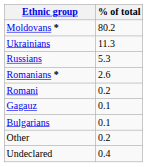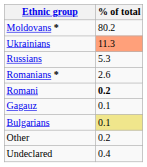 <table class="wikitable sortable">
 <tr>
 <th style="width:140px;"><a href='#'>Ethnic group</a></th>
 <th>% of total</th>
 </tr>
 <tr>
 <td><a href='#'>Moldovans</a> <strong>*</strong></td>
 <td>80.2</td>
 </tr>
 <tr>
 <td><a href='#'>Ukrainians</a></td>
-<td>11.3</td>
+<td style="background: lightsalmon;">11.3</td>
 </tr>
 <tr>
 <td><a href='#'>Russians</a></td>
 <td>5.3</td>
 </tr>
 <tr>
 <td><a href='#'>Romanians</a> <strong>*</strong></td>
 <td>2.6</td>
 </tr>
 <tr>
 <td><a href='#'>Romani</a></td>
-<td>0.2</td>
+<td><strong>0.2</strong></td>
 </tr>
 <tr>
 <td><a href='#'>Gagauz</a></td>
 <td>0.1</td>
 </tr>
 <tr>
 <td><a href='#'>Bulgarians</a></td>
-<td>0.1</td>
+<td style="background: khaki;">0.1</td>
 </tr>
 <tr>
 <td>Other</td>
 <td>0.2</td>
 </tr>
 <tr>
 <td>Undeclared</td>
 <td>0.4</td>
 </tr>
 </table>
